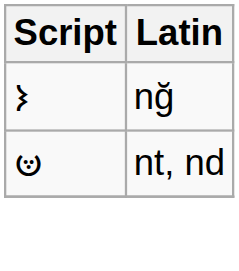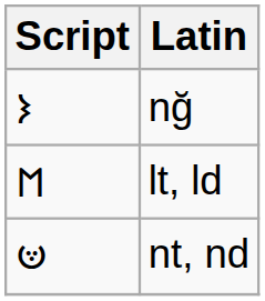 <table class="wikitable">
 <tr>
 <th>Script</th>
 <th>Latin</th>
 </tr>
 <tr>
 <td>𐰨‎‎</td>
 <td>nğ</td>
 </tr>
 <tr>
+<td>𐰡‎</td>
+<td>lt, ld</td>
+</tr>
+<tr>
 <td>𐰦‎‎</td>
 <td>nt, nd</td>
 </tr>
 <tr>
 </tr>
 </table>
